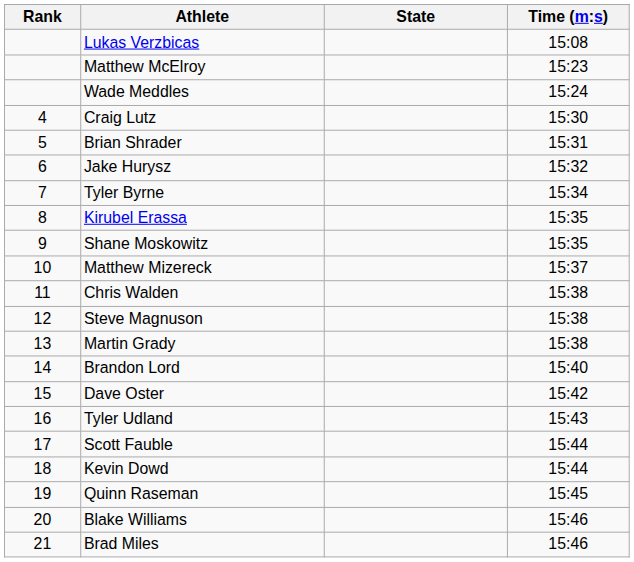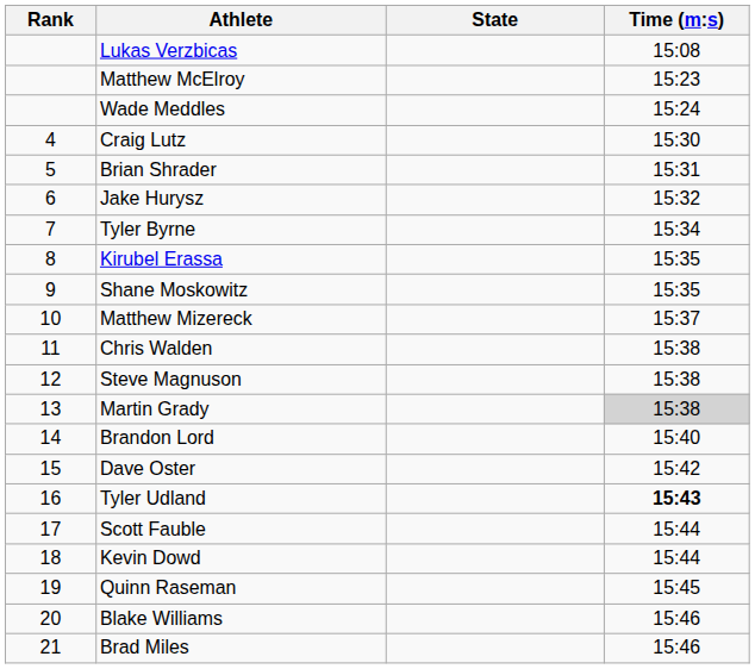 <table class="wikitable" width=50%>
 <tr>
 </tr>
 <tr>
 <th width=5%>Rank</th>
 <th width=20%>Athlete</th>
 <th width=15%>State</th>
 <th width=10%>Time (<a href='#'>m</a>:<a href='#'>s</a>)</th>
 </tr>
 <tr align="center">
 <td></td>
 <td align="left"><a href='#'>Lukas Verzbicas</a></td>
 <td align="left"></td>
 <td>15:08</td>
 </tr>
 <tr align="center">
 <td></td>
 <td align="left">Matthew McElroy</td>
 <td align="left"></td>
 <td>15:23</td>
 </tr>
 <tr align="center">
 <td></td>
 <td align="left">Wade Meddles</td>
 <td align="left"></td>
 <td>15:24</td>
 </tr>
 <tr align="center">
 <td>4</td>
 <td align="left">Craig Lutz</td>
 <td align="left"></td>
 <td>15:30</td>
 </tr>
 <tr align="center">
 <td>5</td>
 <td align="left">Brian Shrader</td>
 <td align="left"></td>
 <td>15:31</td>
 </tr>
 <tr align="center">
 <td>6</td>
 <td align="left">Jake Hurysz</td>
 <td align="left"></td>
 <td>15:32</td>
 </tr>
 <tr align="center">
 <td>7</td>
 <td align="left">Tyler Byrne</td>
 <td align="left"></td>
 <td>15:34</td>
 </tr>
 <tr align="center">
 <td>8</td>
 <td align="left"><a href='#'>Kirubel Erassa</a></td>
 <td align="left"></td>
 <td>15:35</td>
 </tr>
 <tr align="center">
 <td>9</td>
 <td align="left">Shane Moskowitz</td>
 <td align="left"></td>
 <td>15:35</td>
 </tr>
 <tr align="center">
 <td>10</td>
 <td align="left">Matthew Mizereck</td>
 <td align="left"></td>
 <td>15:37</td>
 </tr>
 <tr align="center">
 <td>11</td>
 <td align="left">Chris Walden</td>
 <td align="left"></td>
 <td>15:38</td>
 </tr>
 <tr align="center">
 <td>12</td>
 <td align="left">Steve Magnuson</td>
 <td align="left"></td>
 <td>15:38</td>
 </tr>
 <tr align="center">
 <td>13</td>
 <td align="left">Martin Grady</td>
 <td align="left"></td>
-<td>15:38</td>
+<td style="background: lightgrey;">15:38</td>
 </tr>
 <tr align="center">
 <td>14</td>
 <td align="left">Brandon Lord</td>
 <td align="left"></td>
 <td>15:40</td>
 </tr>
 <tr align="center">
 <td>15</td>
 <td align="left">Dave Oster</td>
 <td align="left"></td>
 <td>15:42</td>
 </tr>
 <tr align="center">
 <td>16</td>
 <td align="left">Tyler Udland</td>
 <td align="left"></td>
-<td>15:43</td>
+<td><strong>15:43</strong></td>
 </tr>
 <tr align="center">
 <td>17</td>
 <td align="left">Scott Fauble</td>
 <td align="left"></td>
 <td>15:44</td>
 </tr>
 <tr align="center">
 <td>18</td>
 <td align="left">Kevin Dowd</td>
 <td align="left"></td>
 <td>15:44</td>
 </tr>
 <tr align="center">
 <td>19</td>
 <td align="left">Quinn Raseman</td>
 <td align="left"></td>
 <td>15:45</td>
 </tr>
 <tr align="center">
 <td>20</td>
 <td align="left">Blake Williams</td>
 <td align="left"></td>
 <td>15:46</td>
 </tr>
 <tr align="center">
 <td>21</td>
 <td align="left">Brad Miles</td>
 <td align="left"></td>
 <td>15:46</td>
 </tr>
 </table>
